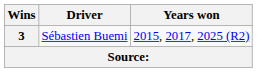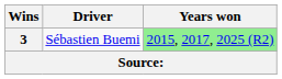 <table class="wikitable" style="font-size: 95%;">
 <tr>
 <th>Wins</th>
 <th>Driver</th>
 <th>Years won</th>
 </tr>
 <tr>
 <th>3</th>
 <td> <a href='#'>Sébastien Buemi</a></td>
-<td><a href='#'>2015</a>, <a href='#'>2017</a>, <a href='#'>2025 (R2)</a></td>
+<td style="background: lightgreen;"><a href='#'>2015</a>, <a href='#'>2017</a>, <a href='#'>2025 (R2)</a></td>
 </tr>
 <tr>
 <th colspan=3>Source:</th>
 </tr>
 </table>
